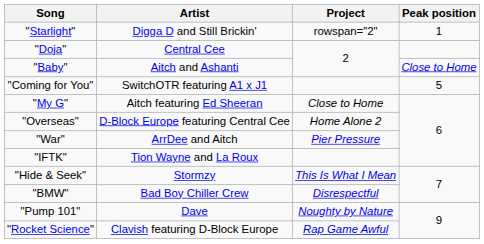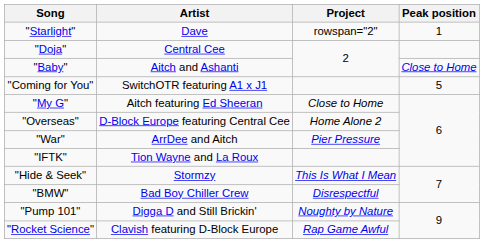 <table class="wikitable sortable plainrowheaders" style="text-align:center;">
 <tr>
 <th scope="col">Song</th>
 <th scope="col">Artist</th>
 <th scope="col">Project</th>
 <th scope="col">Peak position</th>
 </tr>
 <tr>
 <td>"<a href='#'>Starlight</a>"</td>
-<td><a href='#'>Digga D</a> and Still Brickin'</td>
+<td><a href='#'>Dave</a></td>
 <td>rowspan="2" </td>
 <td>1</td>
 </tr>
 <tr>
 <td>"<a href='#'>Doja</a>"</td>
 <td><a href='#'>Central Cee</a></td>
 <td rowspan="2">2</td>
 </tr>
 <tr>
 <td>"<a href='#'>Baby</a>"</td>
 <td><a href='#'>Aitch</a> and <a href='#'>Ashanti</a></td>
 <td><em><a href='#'>Close to Home</a></em></td>
 </tr>
 <tr>
 <td>"Coming for You"</td>
 <td>SwitchOTR featuring <a href='#'>A1 x J1</a></td>
 <td></td>
 <td>5</td>
 </tr>
 <tr>
 <td>"<a href='#'>My G</a>"</td>
 <td>Aitch featuring <a href='#'>Ed Sheeran</a></td>
 <td><em>Close to Home</em></td>
 <td rowspan="4">6</td>
 </tr>
 <tr>
 <td>"Overseas"</td>
 <td><a href='#'>D-Block Europe</a> featuring Central Cee</td>
 <td><em>Home Alone 2</em></td>
 </tr>
 <tr>
 <td>"War"</td>
 <td><a href='#'>ArrDee</a> and Aitch</td>
 <td><em><a href='#'>Pier Pressure</a></em></td>
 </tr>
 <tr>
 <td>"IFTK"</td>
 <td><a href='#'>Tion Wayne</a> and <a href='#'>La Roux</a></td>
 <td></td>
 </tr>
 <tr>
 <td>"Hide & Seek"</td>
 <td><a href='#'>Stormzy</a></td>
 <td><em><a href='#'>This Is What I Mean</a></em></td>
 <td rowspan="2">7</td>
 </tr>
 <tr>
 <td>"BMW"</td>
 <td><a href='#'>Bad Boy Chiller Crew</a></td>
 <td><em><a href='#'>Disrespectful</a></em></td>
 </tr>
 <tr>
 <td>"Pump 101"</td>
-<td><a href='#'>Dave</a></td>
+<td><a href='#'>Digga D</a> and Still Brickin'</td>
 <td><em><a href='#'>Noughty by Nature</a></em></td>
 <td rowspan="2">9</td>
 </tr>
 <tr>
 <td>"<a href='#'>Rocket Science</a>"</td>
 <td><a href='#'>Clavish</a> featuring D-Block Europe</td>
 <td><em><a href='#'>Rap Game Awful</a></em></td>
 </tr>
 </table>
